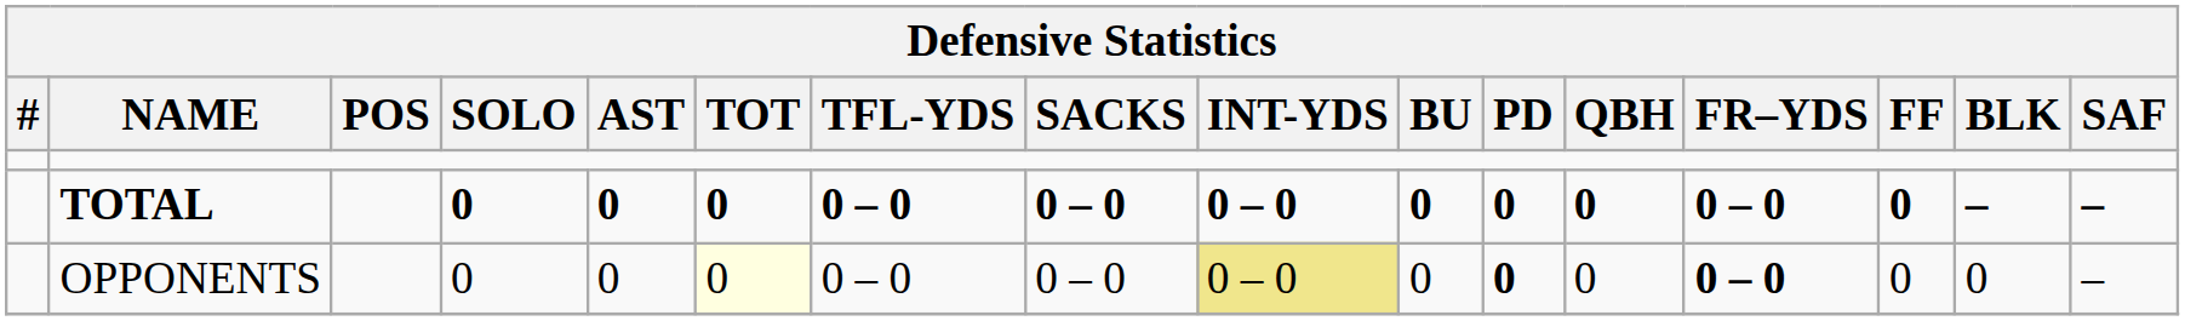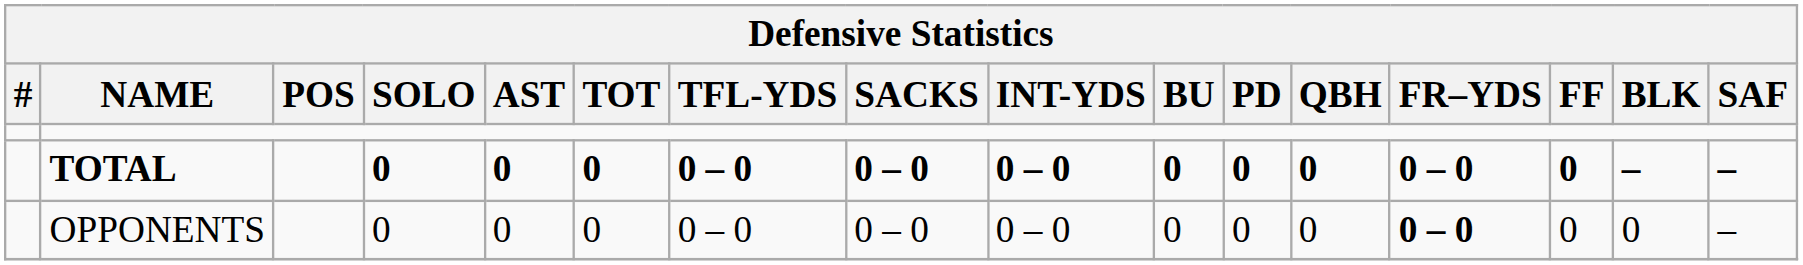 <table class="wikitable sortable collapsible collapsed">
 <tr>
 <th colspan="16">Defensive Statistics</th>
 </tr>
 <tr>
 <th>#</th>
 <th>NAME</th>
 <th>POS</th>
 <th>SOLO</th>
 <th>AST</th>
 <th>TOT</th>
 <th>TFL-YDS</th>
 <th>SACKS</th>
 <th>INT-YDS</th>
 <th>BU</th>
 <th>PD</th>
 <th>QBH</th>
 <th>FR–YDS</th>
 <th>FF</th>
 <th>BLK</th>
 <th>SAF</th>
 </tr>
 <tr>
 <td></td>
 </tr>
 <tr>
 <td></td>
 <td><strong>TOTAL</strong></td>
 <td></td>
 <td><strong>0</strong></td>
 <td><strong>0</strong></td>
 <td><strong>0</strong></td>
 <td><strong>0 – 0</strong></td>
 <td><strong>0 – 0</strong></td>
 <td><strong>0 – 0</strong></td>
 <td><strong>0</strong></td>
 <td><strong>0</strong></td>
 <td><strong>0</strong></td>
 <td><strong>0 – 0</strong></td>
 <td><strong>0</strong></td>
 <td><strong>–</strong></td>
 <td><strong>–</strong></td>
 </tr>
 <tr>
 <td></td>
 <td>OPPONENTS</td>
 <td></td>
 <td>0</td>
 <td>0</td>
-<td style="background: lightyellow;">0</td>
+<td>0</td>
 <td>0 – 0</td>
 <td>0 – 0</td>
-<td style="background: khaki;">0 – 0</td>
+<td>0 – 0</td>
 <td>0</td>
-<td><strong>0</strong></td>
+<td>0</td>
 <td>0</td>
 <td><strong>0 – 0</strong></td>
 <td>0</td>
 <td>0</td>
 <td>–</td>
 </tr>
 <tr>
 </tr>
 </table>
